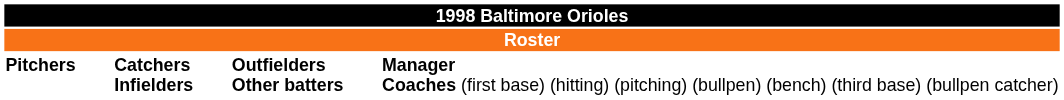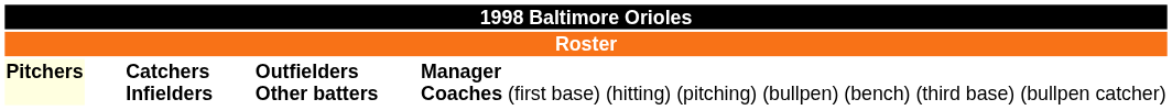 <table class="toccolours" style="font-size: 95%;">
 <tr>
 <th colspan="10" style="background-color: black; color: #FFFFFF; text-align: center;">1998 Baltimore Orioles</th>
 </tr>
 <tr>
 <td colspan="10" style="background-color: #F87217; color: white; text-align: center;"><strong>Roster</strong></td>
 </tr>
 <tr>
-<td valign="top"><strong>Pitchers</strong><br>                     </td>
+<td valign="top" style="background: lightyellow;"><strong>Pitchers</strong><br>                     </td>
 <td width="25px"></td>
 <td valign="top"><strong>Catchers</strong><br>   <strong>Infielders</strong>          </td>
 <td width="25px"></td>
 <td valign="top"><strong>Outfielders</strong><br>            <strong>Other batters</strong> </td>
 <td width="25px"></td>
 <td valign="top"><strong>Manager</strong><br> <strong>Coaches</strong>  (first base)  (hitting)  (pitching)  (bullpen)  (bench)  (third base)  (bullpen catcher)</td>
 </tr>
 </table>
